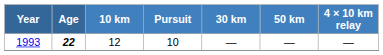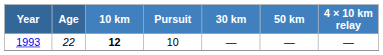 <table class="wikitable" style="font-size:95%; text-align:center; border:grey solid 1px; border-collapse:collapse; background:#ffffff;">
 <tr>
 <th style="background-color:#369; color:white; width:60px;"> Year </th>
 <th style="background-color:#369; color:white; width:40px;"> Age </th>
 <th style="background-color:#4180be; color:white; width:75px;"> 10 km </th>
 <th style="background-color:#4180be; color:white; width:75px;"> Pursuit </th>
 <th style="background-color:#4180be; color:white; width:75px;"> 30 km </th>
 <th style="background-color:#4180be; color:white; width:75px;"> 50 km </th>
 <th style="background-color:#4180be; color:white; width:75px;"> 4 × 10 km <br> relay </th>
 </tr>
 <tr>
 <td><a href='#'>1993</a></td>
-<td><strong><em>22</em></strong></td>
-<td>12</td>
+<td><em>22</em></td>
+<td><strong>12</strong></td>
 <td>10</td>
 <td>—</td>
 <td>—</td>
 <td>—</td>
 </tr>
 <tr>
 </tr>
 </table>
